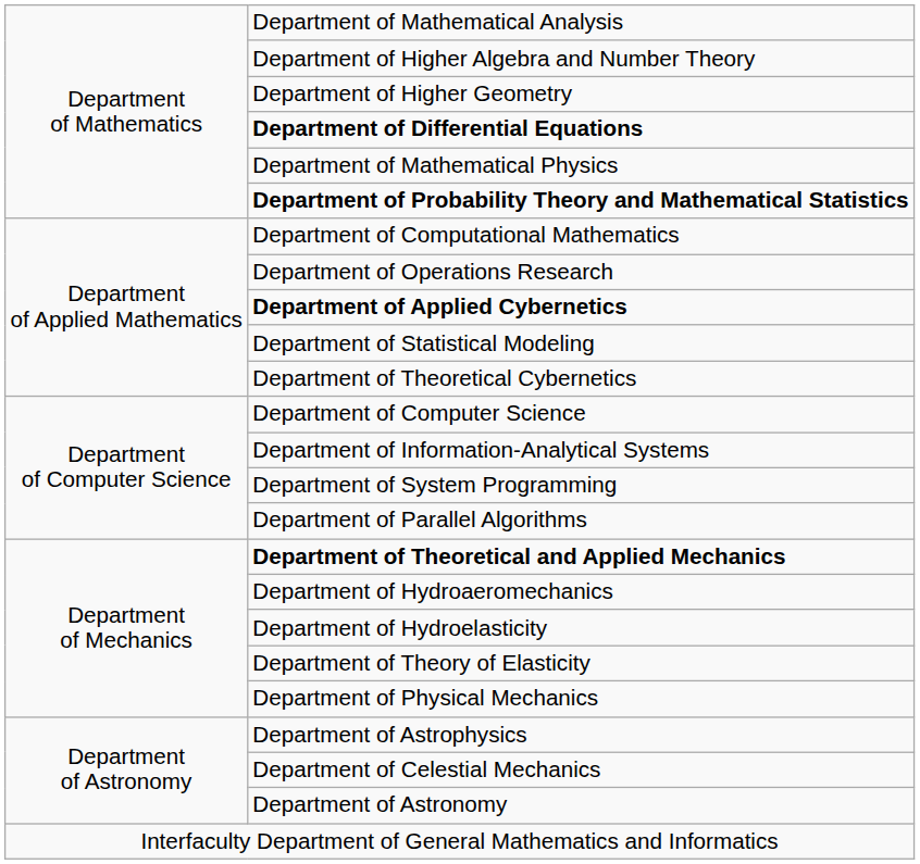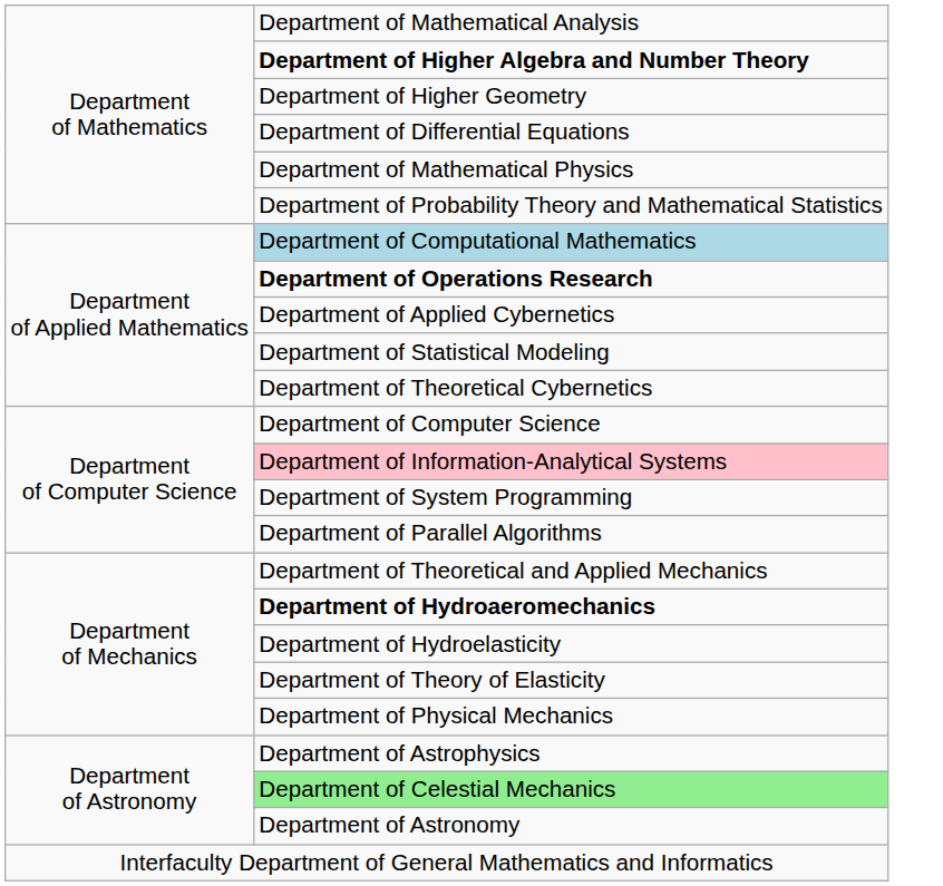 <table class=wikitable>
 <tr>
 <td rowspan=6 align=center>Department<br> of Mathematics</td>
 <td>Department of Mathematical Analysis</td>
 </tr>
 <tr>
-<td>Department of Higher Algebra and Number Theory</td>
+<td><strong>Department of Higher Algebra and Number Theory</strong></td>
 </tr>
 <tr>
 <td>Department of Higher Geometry</td>
 </tr>
 <tr>
-<td><strong>Department of Differential Equations</strong></td>
+<td>Department of Differential Equations</td>
 </tr>
 <tr>
 <td>Department of Mathematical Physics</td>
 </tr>
 <tr>
-<td><strong>Department of Probability Theory and Mathematical Statistics</strong></td>
+<td>Department of Probability Theory and Mathematical Statistics</td>
 </tr>
 <tr>
 <td rowspan=5 align=center>Department<br> of Applied Mathematics</td>
-<td>Department of Computational Mathematics</td>
+<td style="background: lightblue;">Department of Computational Mathematics</td>
 </tr>
 <tr>
-<td>Department of Operations Research</td>
+<td><strong>Department of Operations Research</strong></td>
 </tr>
 <tr>
-<td><strong>Department of Applied Cybernetics</strong></td>
+<td>Department of Applied Cybernetics</td>
 </tr>
 <tr>
 <td>Department of Statistical Modeling</td>
 </tr>
 <tr>
 <td>Department of Theoretical Cybernetics</td>
 </tr>
 <tr>
 <td rowspan=4 align=center>Department<br> of Computer Science</td>
 <td>Department of Computer Science</td>
 </tr>
 <tr>
-<td>Department of Information-Analytical Systems</td>
+<td style="background: pink;">Department of Information-Analytical Systems</td>
 </tr>
 <tr>
 <td>Department of System Programming</td>
 </tr>
 <tr>
 <td>Department of Parallel Algorithms</td>
 </tr>
 <tr>
 <td rowspan=5 align=center>Department<br> of Mechanics</td>
-<td><strong>Department of Theoretical and Applied Mechanics</strong></td>
+<td>Department of Theoretical and Applied Mechanics</td>
 </tr>
 <tr>
-<td>Department of Hydroaeromechanics</td>
+<td><strong>Department of Hydroaeromechanics</strong></td>
 </tr>
 <tr>
 <td>Department of Hydroelasticity</td>
 </tr>
 <tr>
 <td>Department of Theory of Elasticity</td>
 </tr>
 <tr>
 <td>Department of Physical Mechanics</td>
 </tr>
 <tr>
 <td rowspan=3 align=center>Department<br> of Astronomy</td>
 <td>Department of Astrophysics</td>
 </tr>
 <tr>
-<td>Department of Celestial Mechanics</td>
+<td style="background: lightgreen;">Department of Celestial Mechanics</td>
 </tr>
 <tr>
 <td>Department of Astronomy</td>
 </tr>
 <tr>
 <td colspan=2 align=center>Interfaculty Department of General Mathematics and Informatics</td>
 </tr>
 </table>
